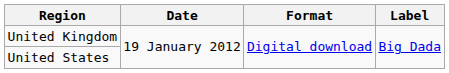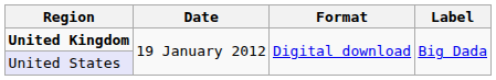 <table class="wikitable">
 <tr>
 <th>Region</th>
 <th>Date</th>
 <th>Format</th>
 <th>Label</th>
 </tr>
 <tr>
-<td>United Kingdom</td>
+<td><strong>United Kingdom</strong></td>
 <td rowspan=2>19 January 2012</td>
 <td rowspan=2><a href='#'>Digital download</a></td>
 <td rowspan="2"><a href='#'>Big Dada</a></td>
 </tr>
 <tr>
-<td>United States</td>
+<td style="background: lavender;">United States</td>
 </tr>
 </table>
